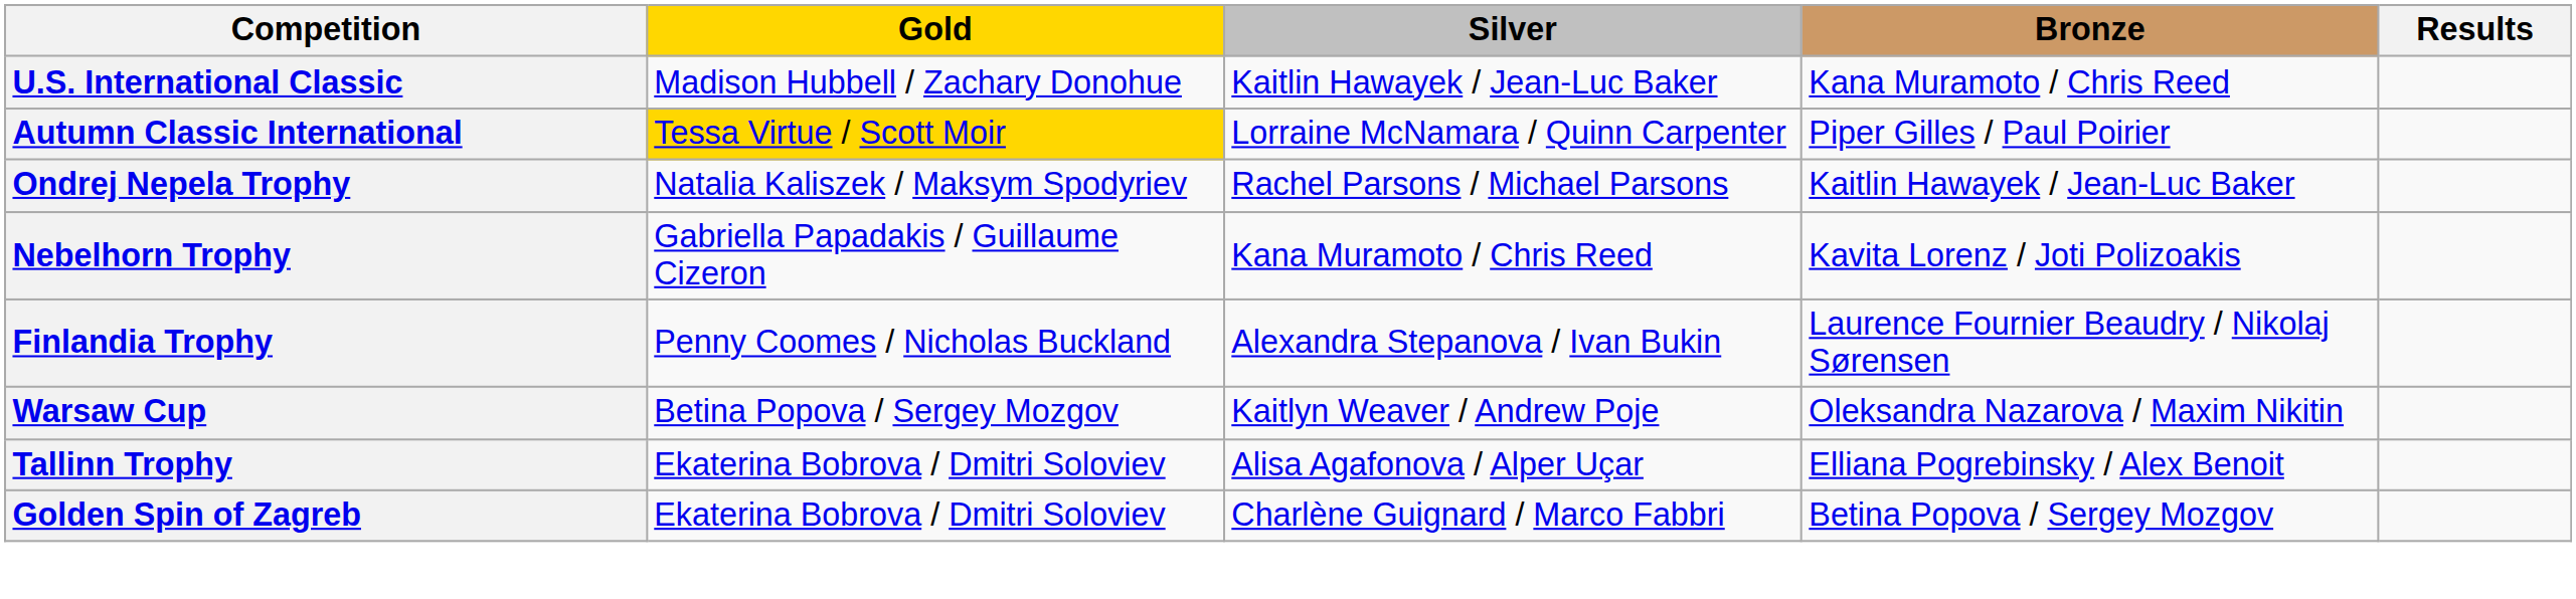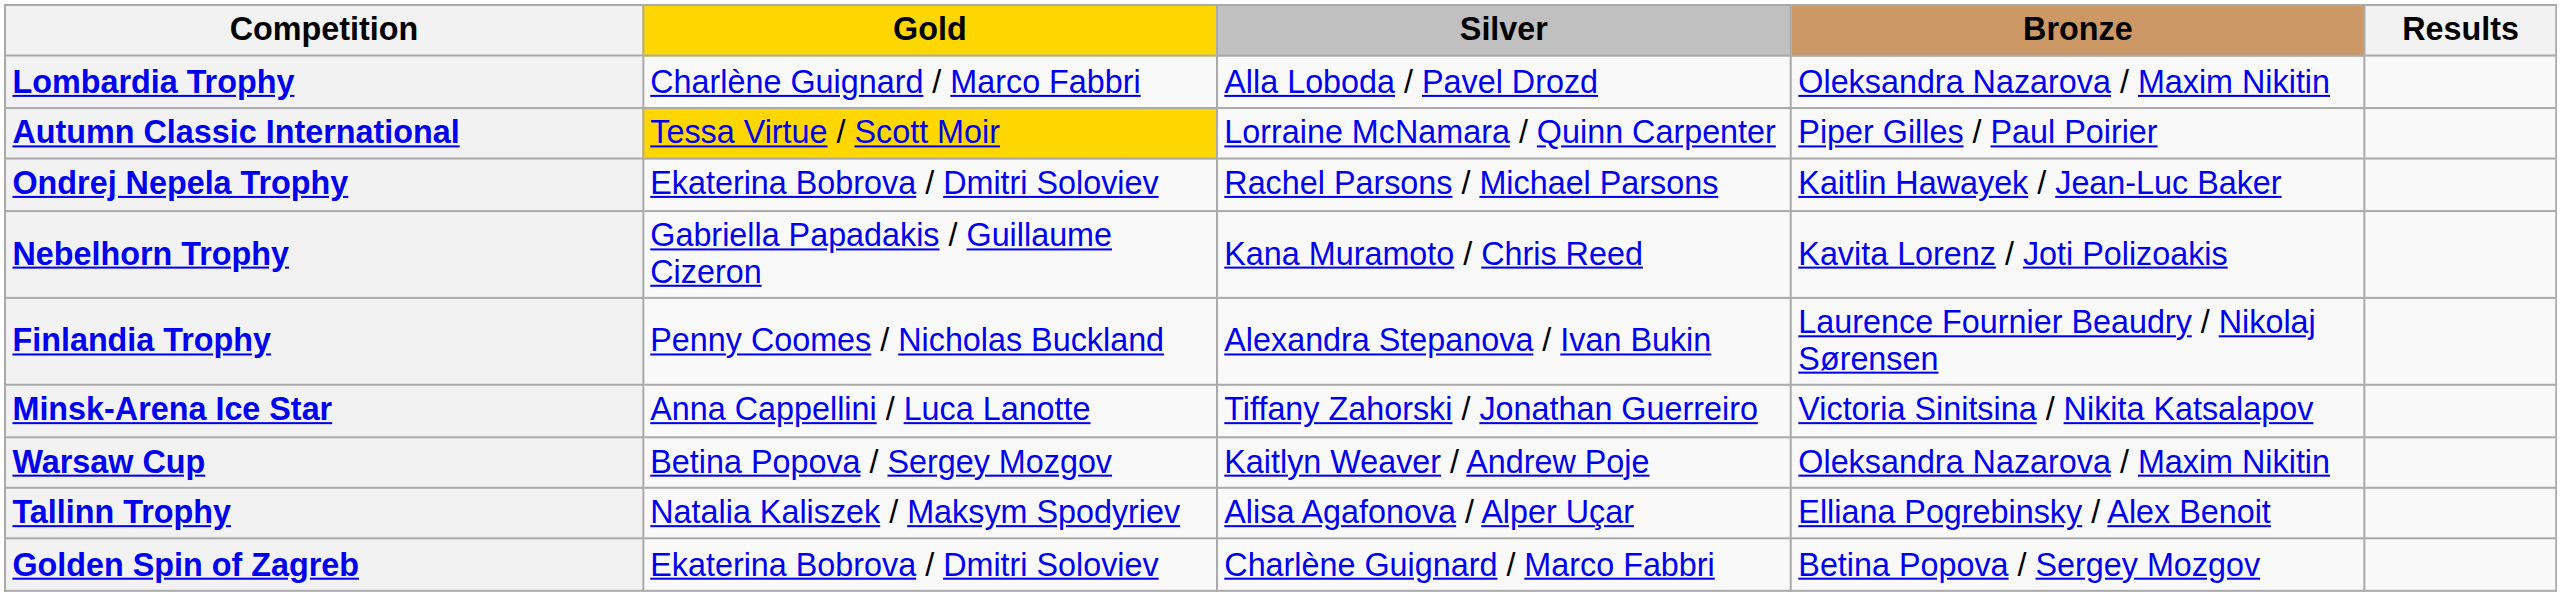 <table class="wikitable unsortable" style="text-align:left; width:100%;">
 <tr>
 <th scope="col" style="text-align:center; width:25%;">Competition</th>
 <td scope="col" style="text-align:center; width:22.5%; background:gold"><strong>Gold</strong></td>
 <td scope="col" style="text-align:center; width:22.5%; background:silver"><strong>Silver</strong></td>
 <td scope="col" style="text-align:center; width:22.5%; background:#c96"><strong>Bronze</strong></td>
 <th scope="col" style="text-align:center; width:7.5%;">Results</th>
 </tr>
 <tr>
-<th scope="row" style="text-align:left"> <a href='#'>U.S. International Classic</a></th>
-<td> <a href='#'>Madison Hubbell</a> / <a href='#'>Zachary Donohue</a></td>
-<td> <a href='#'>Kaitlin Hawayek</a> / <a href='#'>Jean-Luc Baker</a></td>
-<td> <a href='#'>Kana Muramoto</a> / <a href='#'>Chris Reed</a></td>
+<th scope="row" style="text-align:left"> <a href='#'>Lombardia Trophy</a></th>
+<td> <a href='#'>Charlène Guignard</a> / <a href='#'>Marco Fabbri</a></td>
+<td> <a href='#'>Alla Loboda</a> / <a href='#'>Pavel Drozd</a></td>
+<td> <a href='#'>Oleksandra Nazarova</a> / <a href='#'>Maxim Nikitin</a></td>
 <td></td>
 </tr>
 <tr>
 <th scope="row" style="text-align:left"> <a href='#'>Autumn Classic International</a></th>
 <td style="background: gold;"> <a href='#'>Tessa Virtue</a> / <a href='#'>Scott Moir</a></td>
 <td> <a href='#'>Lorraine McNamara</a> / <a href='#'>Quinn Carpenter</a></td>
 <td> <a href='#'>Piper Gilles</a> / <a href='#'>Paul Poirier</a></td>
 <td></td>
 </tr>
 <tr>
 <th scope="row" style="text-align:left"> <a href='#'>Ondrej Nepela Trophy</a></th>
-<td> <a href='#'>Natalia Kaliszek</a> / <a href='#'>Maksym Spodyriev</a></td>
+<td> <a href='#'>Ekaterina Bobrova</a> / <a href='#'>Dmitri Soloviev</a></td>
 <td> <a href='#'>Rachel Parsons</a> / <a href='#'>Michael Parsons</a></td>
 <td> <a href='#'>Kaitlin Hawayek</a> / <a href='#'>Jean-Luc Baker</a></td>
 <td></td>
 </tr>
 <tr>
 <th scope="row" style="text-align:left"> <a href='#'>Nebelhorn Trophy</a></th>
 <td> <a href='#'>Gabriella Papadakis</a> / <a href='#'>Guillaume Cizeron</a></td>
 <td> <a href='#'>Kana Muramoto</a> / <a href='#'>Chris Reed</a></td>
 <td> <a href='#'>Kavita Lorenz</a> / <a href='#'>Joti Polizoakis</a></td>
 <td></td>
 </tr>
 <tr>
 <th scope="row" style="text-align:left"> <a href='#'>Finlandia Trophy</a></th>
 <td> <a href='#'>Penny Coomes</a> / <a href='#'>Nicholas Buckland</a></td>
 <td> <a href='#'>Alexandra Stepanova</a> / <a href='#'>Ivan Bukin</a></td>
 <td> <a href='#'>Laurence Fournier Beaudry</a> / <a href='#'>Nikolaj Sørensen</a></td>
 <td></td>
 </tr>
 <tr>
+<th scope="row" style="text-align:left"> <a href='#'>Minsk-Arena Ice Star</a></th>
+<td> <a href='#'>Anna Cappellini</a> / <a href='#'>Luca Lanotte</a></td>
+<td> <a href='#'>Tiffany Zahorski</a> / <a href='#'>Jonathan Guerreiro</a></td>
+<td> <a href='#'>Victoria Sinitsina</a> / <a href='#'>Nikita Katsalapov</a></td>
+<td></td>
+</tr>
+<tr>
 <th scope="row" style="text-align:left"> <a href='#'>Warsaw Cup</a></th>
 <td> <a href='#'>Betina Popova</a> / <a href='#'>Sergey Mozgov</a></td>
 <td> <a href='#'>Kaitlyn Weaver</a> / <a href='#'>Andrew Poje</a></td>
 <td> <a href='#'>Oleksandra Nazarova</a> / <a href='#'>Maxim Nikitin</a></td>
 <td></td>
 </tr>
 <tr>
 <th scope="row" style="text-align:left"> <a href='#'>Tallinn Trophy</a></th>
-<td> <a href='#'>Ekaterina Bobrova</a> / <a href='#'>Dmitri Soloviev</a></td>
+<td> <a href='#'>Natalia Kaliszek</a> / <a href='#'>Maksym Spodyriev</a></td>
 <td> <a href='#'>Alisa Agafonova</a> / <a href='#'>Alper Uçar</a></td>
 <td> <a href='#'>Elliana Pogrebinsky</a> / <a href='#'>Alex Benoit</a></td>
 <td></td>
 </tr>
 <tr>
 <th scope="row" style="text-align:left"> <a href='#'>Golden Spin of Zagreb</a></th>
 <td> <a href='#'>Ekaterina Bobrova</a> / <a href='#'>Dmitri Soloviev</a></td>
 <td> <a href='#'>Charlène Guignard</a> / <a href='#'>Marco Fabbri</a></td>
 <td> <a href='#'>Betina Popova</a> / <a href='#'>Sergey Mozgov</a></td>
 <td></td>
 </tr>
 </table>
